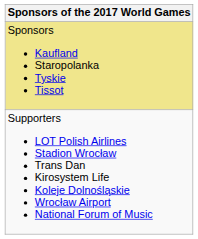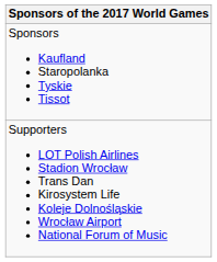 <table class="wikitable collapsible " style="float:center; margin:10px;">
 <tr>
 <th>Sponsors of the 2017 World Games</th>
 </tr>
 <tr>
-<td style="background: khaki;">Sponsors<br><ul><li><a href='#'>Kaufland</a></li><li>Staropolanka</li><li><a href='#'>Tyskie</a></li><li><a href='#'>Tissot</a></li></ul></td>
+<td>Sponsors<br><ul><li><a href='#'>Kaufland</a></li><li>Staropolanka</li><li><a href='#'>Tyskie</a></li><li><a href='#'>Tissot</a></li></ul></td>
 </tr>
 <tr>
 <td>Supporters<br><ul><li><a href='#'>LOT Polish Airlines</a></li><li><a href='#'>Stadion Wrocław</a></li><li>Trans Dan</li><li>Kirosystem Life</li><li><a href='#'>Koleje Dolnośląskie</a></li><li><a href='#'>Wrocław Airport</a></li><li><a href='#'>National Forum of Music</a></li></ul></td>
 </tr>
 </table>
